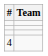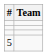 <table class="wikitable">
 <tr>
 <th>#</th>
 <th>Team</th>
 </tr>
 <tr>
 <td></td>
 <td></td>
 </tr>
 <tr>
 <td></td>
 <td><em></em></td>
 </tr>
 <tr>
 <td></td>
 <td></td>
 </tr>
 <tr>
-<td>4</td>
+<td>5</td>
 <td></td>
 </tr>
 </table>
